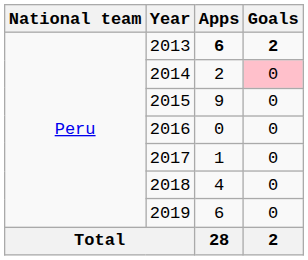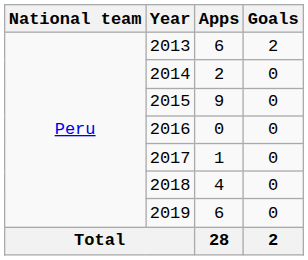 <table class="wikitable" style="text-align:center">
 <tr>
 <th>National team</th>
 <th>Year</th>
 <th>Apps</th>
 <th>Goals</th>
 </tr>
 <tr>
 <td rowspan="7"><a href='#'>Peru</a></td>
 <td>2013</td>
-<td><strong>6</strong></td>
-<td><strong>2</strong></td>
+<td>6</td>
+<td>2</td>
 </tr>
 <tr>
 <td>2014</td>
 <td>2</td>
-<td style="background: pink;">0</td>
+<td>0</td>
 </tr>
 <tr>
 <td>2015</td>
 <td>9</td>
 <td>0</td>
 </tr>
 <tr>
 <td>2016</td>
 <td>0</td>
 <td>0</td>
 </tr>
 <tr>
 <td>2017</td>
 <td>1</td>
 <td>0</td>
 </tr>
 <tr>
 <td>2018</td>
 <td>4</td>
 <td>0</td>
 </tr>
 <tr>
 <td>2019</td>
 <td>6</td>
 <td>0</td>
 </tr>
 <tr>
 <th colspan="2">Total</th>
 <th>28</th>
 <th>2</th>
 </tr>
 </table>
